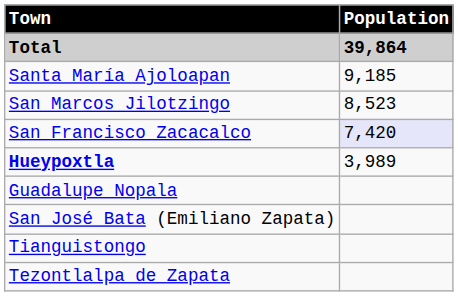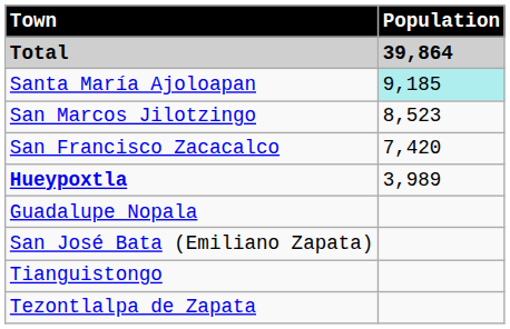 <table class="wikitable">
 <tr style="background:#000000; color:#FFFFFF;">
 <td><strong>Town</strong></td>
 <td><strong>Population</strong></td>
 </tr>
 <tr style="background:#CFCFCF;">
 <td><strong>Total</strong></td>
 <td><strong>39,864</strong></td>
 </tr>
 <tr>
 <td><a href='#'>Santa María Ajoloapan</a></td>
-<td>9,185</td>
+<td style="background: paleturquoise;">9,185</td>
 </tr>
 <tr>
 <td><a href='#'>San Marcos Jilotzingo</a></td>
 <td>8,523</td>
 </tr>
 <tr>
 <td><a href='#'>San Francisco Zacacalco</a></td>
-<td style="background: lavender;">7,420</td>
+<td>7,420</td>
 </tr>
 <tr>
 <td><strong><a href='#'>Hueypoxtla</a></strong></td>
 <td>3,989</td>
 </tr>
 <tr>
 <td><a href='#'>Guadalupe Nopala</a></td>
 <td></td>
 </tr>
 <tr>
 <td><a href='#'>San José Bata</a> (Emiliano Zapata)</td>
 <td></td>
 </tr>
 <tr>
 <td><a href='#'>Tianguistongo</a></td>
 <td></td>
 </tr>
 <tr>
 <td><a href='#'>Tezontlalpa de Zapata</a></td>
 <td></td>
 </tr>
 </table>
